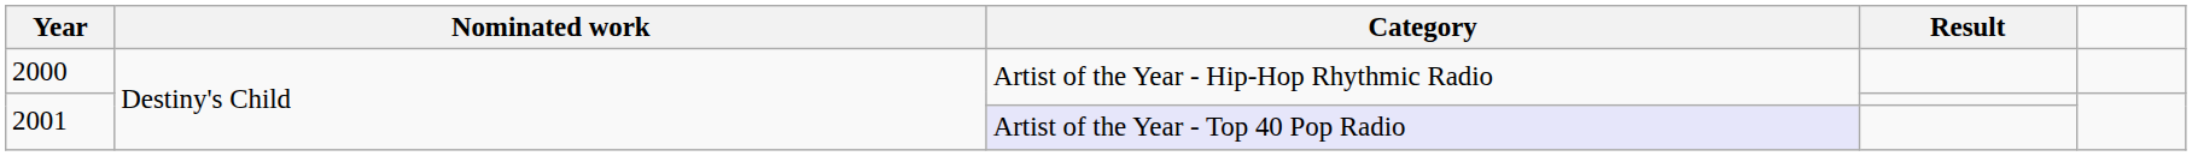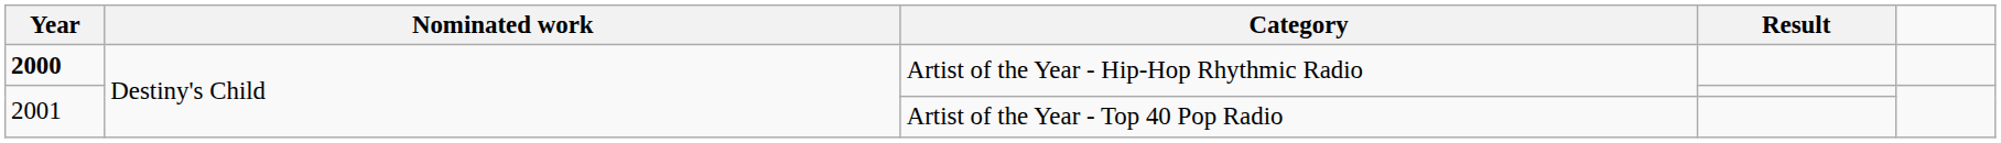 <table class="wikitable" width="100%">
 <tr>
 <th width="5%">Year</th>
 <th width="40%">Nominated work</th>
 <th width="40%">Category</th>
 <th width="10%">Result</th>
 </tr>
 <tr>
-<td>2000</td>
+<td><strong>2000</strong></td>
 <td rowspan="3">Destiny's Child</td>
 <td rowspan="2">Artist of the Year - Hip-Hop Rhythmic Radio</td>
 <td></td>
 <td></td>
 </tr>
 <tr>
 <td rowspan="2">2001</td>
 <td></td>
 </tr>
 <tr>
-<td style="background: lavender;">Artist of the Year - Top 40 Pop Radio</td>
+<td>Artist of the Year - Top 40 Pop Radio</td>
 <td></td>
 </tr>
 </table>
